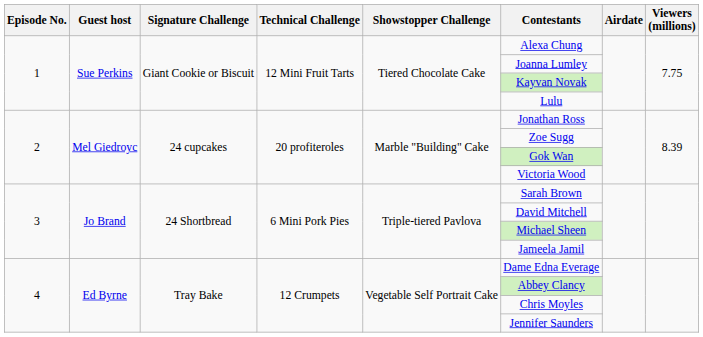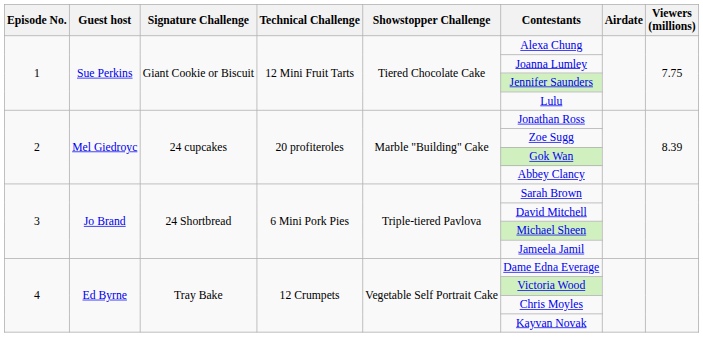 <table class="wikitable" style="text-align:center;">
 <tr>
 <th>Episode No.</th>
 <th>Guest host</th>
 <th>Signature Challenge</th>
 <th>Technical Challenge</th>
 <th>Showstopper Challenge</th>
 <th>Contestants</th>
 <th>Airdate</th>
 <th>Viewers<br>(millions)</th>
 </tr>
 <tr>
 <td rowspan=4>1</td>
 <td rowspan=4><a href='#'>Sue Perkins</a></td>
 <td rowspan=4>Giant Cookie or Biscuit</td>
 <td rowspan=4>12 Mini Fruit Tarts</td>
 <td rowspan=4>Tiered Chocolate Cake</td>
 <td><a href='#'>Alexa Chung</a></td>
 <td rowspan=4></td>
 <td rowspan=4>7.75</td>
 </tr>
 <tr>
 <td><a href='#'>Joanna Lumley</a></td>
 </tr>
 <tr style="background:#d0f0c0">
-<td><a href='#'>Kayvan Novak</a></td>
+<td><a href='#'>Jennifer Saunders</a></td>
 </tr>
 <tr>
 <td><a href='#'>Lulu</a></td>
 </tr>
 <tr>
 <td rowspan=4>2</td>
 <td rowspan=4><a href='#'>Mel Giedroyc</a></td>
 <td rowspan=4>24 cupcakes</td>
 <td rowspan=4>20 profiteroles</td>
 <td rowspan=4>Marble "Building" Cake</td>
 <td><a href='#'>Jonathan Ross</a></td>
 <td rowspan=4></td>
 <td rowspan=4>8.39</td>
 </tr>
 <tr>
 <td><a href='#'>Zoe Sugg</a></td>
 </tr>
 <tr style="background:#d0f0c0">
 <td><a href='#'>Gok Wan</a></td>
 </tr>
 <tr>
-<td><a href='#'>Victoria Wood</a></td>
+<td><a href='#'>Abbey Clancy</a></td>
 </tr>
 <tr>
 <td rowspan=4>3</td>
 <td rowspan=4><a href='#'>Jo Brand</a></td>
 <td rowspan=4>24 Shortbread</td>
 <td rowspan=4>6 Mini Pork Pies</td>
 <td rowspan=4>Triple-tiered Pavlova</td>
 <td><a href='#'>Sarah Brown</a></td>
 <td rowspan=4></td>
 <td rowspan=4></td>
 </tr>
 <tr>
 <td><a href='#'>David Mitchell</a></td>
 </tr>
 <tr style="background:#d0f0c0">
 <td><a href='#'>Michael Sheen</a></td>
 </tr>
 <tr>
 <td><a href='#'>Jameela Jamil</a></td>
 </tr>
 <tr>
 <td rowspan=4>4</td>
 <td rowspan=4><a href='#'>Ed Byrne</a></td>
 <td rowspan=4>Tray Bake</td>
 <td rowspan=4>12 Crumpets</td>
 <td rowspan=4>Vegetable Self Portrait Cake</td>
 <td><a href='#'>Dame Edna Everage</a></td>
 <td rowspan=4></td>
 <td rowspan=4></td>
 </tr>
 <tr style="background:#d0f0c0">
-<td><a href='#'>Abbey Clancy</a></td>
+<td><a href='#'>Victoria Wood</a></td>
 </tr>
 <tr>
 <td><a href='#'>Chris Moyles</a></td>
 </tr>
 <tr>
-<td><a href='#'>Jennifer Saunders</a></td>
+<td><a href='#'>Kayvan Novak</a></td>
 </tr>
 </table>
